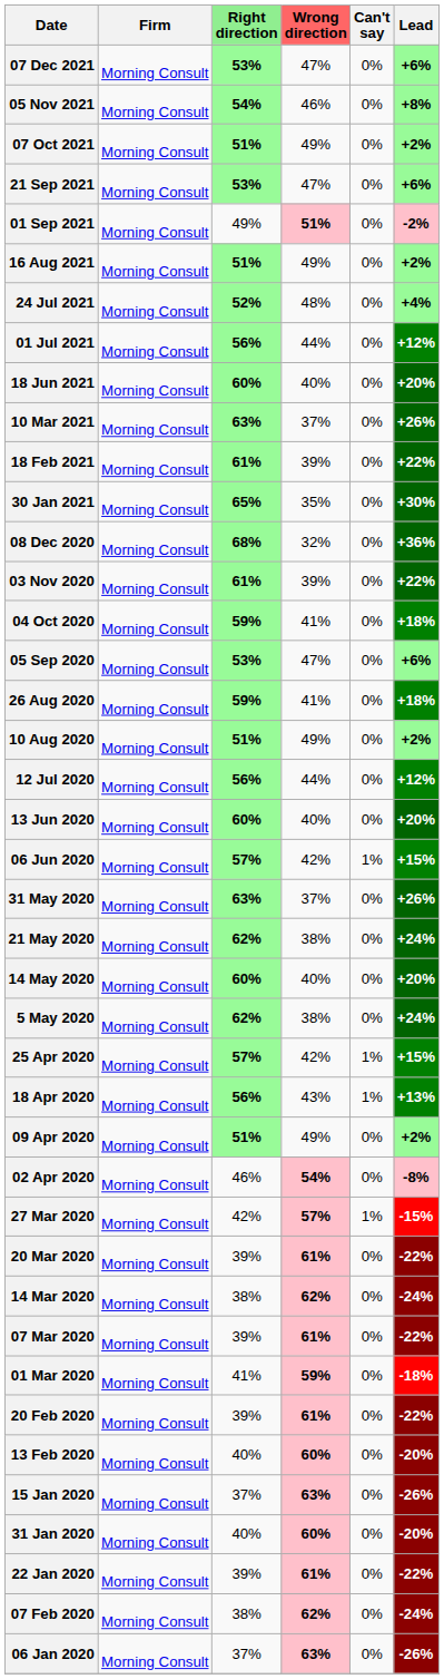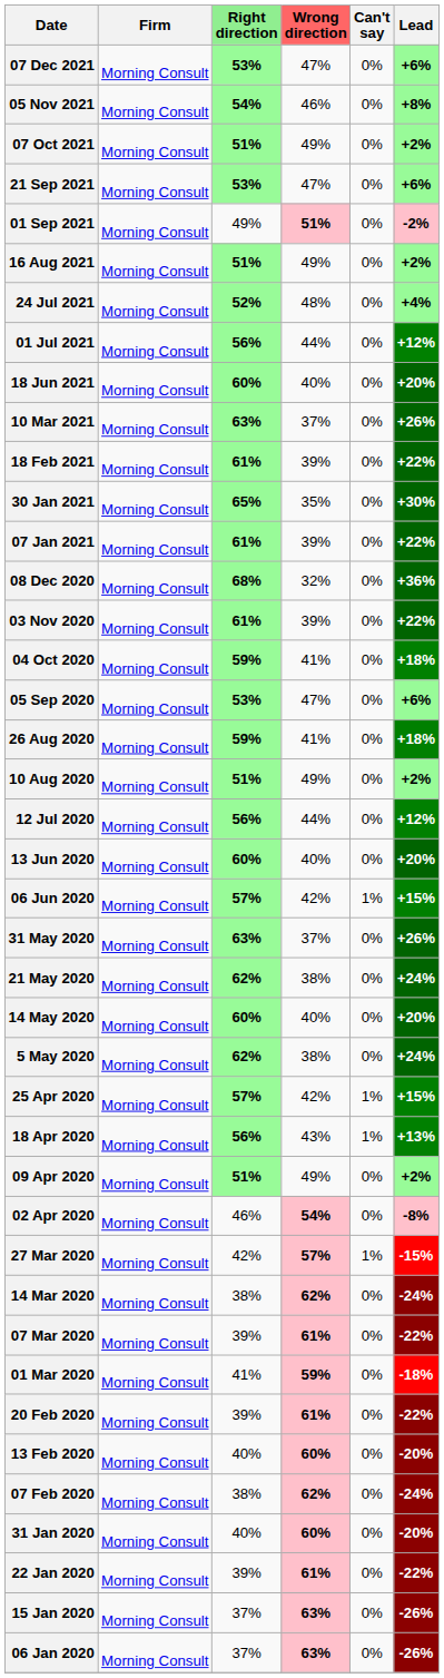 <table class="nowrap wikitable mw-datatable" style=text-align:center;margin-right:.4em;margin-top:.4em;font-size:90%>
 <tr>
 <th>Date</th>
 <th>Firm</th>
 <th style=background:#90ee90>Right<br>direction</th>
 <th style=background:#f66>Wrong<br>direction</th>
 <th>Can't<br>say</th>
 <th>Lead</th>
 </tr>
 <tr>
 <th style=text-align:right data-sort-value=07-Dec-2021>07 Dec 2021</th>
 <td style=text-align:left><br><a href='#'>Morning Consult</a> </td>
 <th style="background:PaleGreen;color:black;">53%</th>
 <td>47%</td>
 <td>0%</td>
 <td style="background:PaleGreen;color:black;"><strong>+6%</strong></td>
 </tr>
 <tr>
 <th style=text-align:right data-sort-value=0s-Nov-2021>05 Nov 2021</th>
 <td style=text-align:left><br><a href='#'>Morning Consult</a> </td>
 <th style="background:PaleGreen;color:black;">54%</th>
 <td>46%</td>
 <td>0%</td>
 <td style="background:PaleGreen;color:black;"><strong>+8%</strong></td>
 </tr>
 <tr>
 <th style=text-align:right data-sort-value=07-Oct-2021>07 Oct 2021</th>
 <td style=text-align:left><br><a href='#'>Morning Consult</a> </td>
 <th style="background:PaleGreen;color:black;">51%</th>
 <td>49%</td>
 <td>0%</td>
 <td style="background:PaleGreen;color:black;"><strong>+2%</strong></td>
 </tr>
 <tr>
 <th style=text-align:right data-sort-value=21-Sep-2021>21 Sep 2021</th>
 <td style=text-align:left><br><a href='#'>Morning Consult</a> </td>
 <th style="background:PaleGreen;color:black;">53%</th>
 <td>47%</td>
 <td>0%</td>
 <td style="background:PaleGreen;color:black;"><strong>+6%</strong></td>
 </tr>
 <tr>
 <th style=text-align:right data-sort-value=01–2021>01 Sep 2021</th>
 <td style=text-align:left><br><a href='#'>Morning Consult</a> </td>
 <td>49%</td>
 <th style="background:pink;color:black;">51%</th>
 <td>0%</td>
 <td style="background:Pink;color:black;"><strong>-2%</strong></td>
 </tr>
 <tr>
 <th style=text-align:right data-sort-value=16-Aug-2021>16 Aug 2021</th>
 <td style=text-align:left><br><a href='#'>Morning Consult</a> </td>
 <th style="background:PaleGreen;color:black;">51%</th>
 <td>49%</td>
 <td>0%</td>
 <td style="background:PaleGreen;color:black;"><strong>+2%</strong></td>
 </tr>
 <tr>
 <th style=text-align:right data-sort-value=24-Jul-2021>24 Jul 2021</th>
 <td style=text-align:left><br><a href='#'>Morning Consult</a> </td>
 <th style="background:PaleGreen;color:black;">52%</th>
 <td>48%</td>
 <td>0%</td>
 <td style="background:PaleGreen;color:black;"><strong>+4%</strong></td>
 </tr>
 <tr>
 <th style=text-align:right data-sort-value=01-Jul-2021>01 Jul 2021</th>
 <td style=text-align:left><br><a href='#'>Morning Consult</a> </td>
 <th style="background:PaleGreen;color:black;">56%</th>
 <td>44%</td>
 <td>0%</td>
 <td style="background:green;color:white;"><strong>+12%</strong></td>
 </tr>
 <tr>
 <th style=text-align:right data-sort-value=18-Jun-2021>18 Jun 2021</th>
 <td style=text-align:left><br><a href='#'>Morning Consult</a> </td>
 <th style="background:PaleGreen;color:black;">60%</th>
 <td>40%</td>
 <td>0%</td>
 <td style="background:DarkGreen;color:white;"><strong>+20%</strong></td>
 </tr>
 <tr>
 <th style=text-align:right data-sort-value=10-Mar-2021>10 Mar 2021</th>
 <td style=text-align:left><br><a href='#'>Morning Consult</a> </td>
 <th style="background:PaleGreen;color:black;">63%</th>
 <td>37%</td>
 <td>0%</td>
 <td style="background:DarkGreen;color:white;"><strong>+26%</strong></td>
 </tr>
 <tr>
 <th style=text-align:right data-sort-value=18-Feb-2021>18 Feb 2021</th>
 <td style=text-align:left><br><a href='#'>Morning Consult</a> </td>
 <th style="background:PaleGreen;color:black;">61%</th>
 <td>39%</td>
 <td>0%</td>
 <td style="background:DarkGreen;color:white;"><strong>+22%</strong></td>
 </tr>
 <tr>
 <th style=text-align:right data-sort-value=30-Jan-2021>30 Jan 2021</th>
 <td style=text-align:left><br><a href='#'>Morning Consult</a> </td>
 <th style="background:PaleGreen;color:black;">65%</th>
 <td>35%</td>
 <td>0%</td>
 <td style="background:DarkGreen;color:white;"><strong>+30%</strong></td>
+</tr>
+<tr>
+<th style=text-align:right data-sort-value=07-Jan-2021>07 Jan 2021</th>
+<td style=text-align:left><br><a href='#'>Morning Consult</a> </td>
+<th style="background:PaleGreen;color:black;">61%</th>
+<td>39%</td>
+<td>0%</td>
+<td style="background:DarkGreen;color:white;"><strong>+22%</strong></td>
 </tr>
 <tr>
 <th style=text-align:right data-sort-value=08-Dec-2020>08 Dec 2020</th>
 <td style=text-align:left><br><a href='#'>Morning Consult</a> </td>
 <th style="background:PaleGreen;color:black;">68%</th>
 <td>32%</td>
 <td>0%</td>
 <td style="background:DarkGreen;color:white;"><strong>+36%</strong></td>
 </tr>
 <tr>
 <th style=text-align:right data-sort-value=03-Nov-2020>03 Nov 2020</th>
 <td style=text-align:left><br><a href='#'>Morning Consult</a> </td>
 <th style="background:PaleGreen;color:black;">61%</th>
 <td>39%</td>
 <td>0%</td>
 <td style="background:DarkGreen;color:white;"><strong>+22%</strong></td>
 </tr>
 <tr>
 <th style=text-align:right data-sort-value=04-Oct-2020>04 Oct 2020</th>
 <td style=text-align:left><br><a href='#'>Morning Consult</a> </td>
 <th style="background:PaleGreen;color:black;">59%</th>
 <td>41%</td>
 <td>0%</td>
 <td style="background:green;color:white;"><strong>+18%</strong></td>
 </tr>
 <tr>
 <th style=text-align:right data-sort-value=05-Sep-2020>05 Sep 2020</th>
 <td style=text-align:left><br><a href='#'>Morning Consult</a> </td>
 <th style="background:PaleGreen;color:black;">53%</th>
 <td>47%</td>
 <td>0%</td>
 <td style="background:PaleGreen;color:black;"><strong>+6%</strong></td>
 </tr>
 <tr>
 <th style=text-align:right data-sort-value=26-Aug-2020>26 Aug 2020</th>
 <td style=text-align:left><br><a href='#'>Morning Consult</a> </td>
 <th style="background:PaleGreen;color:black;">59%</th>
 <td>41%</td>
 <td>0%</td>
 <td style="background:green;color:white;"><strong>+18%</strong></td>
 </tr>
 <tr>
 <th style=text-align:right data-sort-value=10-Aug-2020>10 Aug 2020</th>
 <td style=text-align:left><br><a href='#'>Morning Consult</a> </td>
 <th style="background:PaleGreen;color:black;">51%</th>
 <td>49%</td>
 <td>0%</td>
 <td style="background:PaleGreen;color:black;"><strong>+2%</strong></td>
 </tr>
 <tr>
 <th style=text-align:right data-sort-value=12-Jul-2020>12 Jul 2020</th>
 <td style=text-align:left><br><a href='#'>Morning Consult</a> </td>
 <th style="background:PaleGreen;color:black;">56%</th>
 <td>44%</td>
 <td>0%</td>
 <td style="background:green;color:white;"><strong>+12%</strong></td>
 </tr>
 <tr>
 <th style=text-align:right data-sort-value=13-Jun-2020>13 Jun 2020</th>
 <td style=text-align:left><br><a href='#'>Morning Consult</a> </td>
 <th style="background:PaleGreen;color:black;">60%</th>
 <td>40%</td>
 <td>0%</td>
 <td style="background:DarkGreen;color:white;"><strong>+20%</strong></td>
 </tr>
 <tr>
 <th style=text-align:right data-sort-value=06-Jun-2020>06 Jun 2020</th>
 <td style=text-align:left><br><a href='#'>Morning Consult</a> </td>
 <th style="background:PaleGreen;color:black;">57%</th>
 <td>42%</td>
 <td>1%</td>
 <td style="background:green;color:white;"><strong>+15%</strong></td>
 </tr>
 <tr>
 <th style=text-align:right data-sort-value=31-May-2020>31 May 2020</th>
 <td style=text-align:left><br><a href='#'>Morning Consult</a> </td>
 <th style="background:PaleGreen;color:black;">63%</th>
 <td>37%</td>
 <td>0%</td>
 <td style="background:DarkGreen;color:white;"><strong>+26%</strong></td>
 </tr>
 <tr>
 <th style=text-align:right data-sort-value=21-May-2020>21 May 2020</th>
 <td style=text-align:left><br><a href='#'>Morning Consult</a> </td>
 <th style="background:PaleGreen;color:black;">62%</th>
 <td>38%</td>
 <td>0%</td>
 <td style="background:DarkGreen;color:white;"><strong>+24%</strong></td>
 </tr>
 <tr>
 <th style=text-align:right data-sort-value=14-May-2020>14 May 2020</th>
 <td style=text-align:left><br><a href='#'>Morning Consult</a> </td>
 <th style="background:PaleGreen;color:black;">60%</th>
 <td>40%</td>
 <td>0%</td>
 <td style="background:DarkGreen;color:white;"><strong>+20%</strong></td>
 </tr>
 <tr>
 <th style=text-align:right data-sort-value=05-May-2020>5 May 2020</th>
 <td style=text-align:left><br><a href='#'>Morning Consult</a> </td>
 <th style="background:PaleGreen;color:black;">62%</th>
 <td>38%</td>
 <td>0%</td>
 <td style="background:DarkGreen;color:white;"><strong>+24%</strong></td>
 </tr>
 <tr>
 <th style=text-align:right data-sort-value=25-Apr-2020>25 Apr 2020</th>
 <td style=text-align:left><br><a href='#'>Morning Consult</a> </td>
 <th style="background:PaleGreen;color:black;">57%</th>
 <td>42%</td>
 <td>1%</td>
 <td style="background:green;color:white;"><strong>+15%</strong></td>
 </tr>
 <tr>
 <th style=text-align:right data-sort-value=18-Apr-2020>18 Apr 2020</th>
 <td style=text-align:left><br><a href='#'>Morning Consult</a> </td>
 <th style="background:PaleGreen;color:black;">56%</th>
 <td>43%</td>
 <td>1%</td>
 <td style="background:green;color:white;"><strong>+13%</strong></td>
 </tr>
 <tr>
 <th style=text-align:right data-sort-value=09-Apr-2020>09 Apr 2020</th>
 <td style=text-align:left><br><a href='#'>Morning Consult</a> </td>
 <th style="background:PaleGreen;color:black;">51%</th>
 <td>49%</td>
 <td>0%</td>
 <td style="background:PaleGreen;color:black;"><strong>+2%</strong></td>
 </tr>
 <tr>
 <th style=text-align:right data-sort-value=02-Apr-2020>02 Apr 2020</th>
 <td style=text-align:left><br><a href='#'>Morning Consult</a> </td>
 <td>46%</td>
 <th style="background:pink;color:black;">54%</th>
 <td>0%</td>
 <td style="background:pink;color:black;"><strong>-8%</strong></td>
 </tr>
 <tr>
 <th style=text-align:right data-sort-value=27-Mar-2020>27 Mar 2020</th>
 <td style=text-align:left><br><a href='#'>Morning Consult</a> </td>
 <td>42%</td>
 <th style="background:pink;color:black;">57%</th>
 <td>1%</td>
 <td style="background:red;color:white;"><strong>-15%</strong></td>
 </tr>
 <tr>
-<th style=text-align:right data-sort-value=20-Mar-2020>20 Mar 2020</th>
-<td style=text-align:left><br><a href='#'>Morning Consult</a> </td>
-<td>39%</td>
-<th style="background:pink;color:black;">61%</th>
-<td>0%</td>
-<td style="background:DarkRed;color:white;"><strong>-22%</strong></td>
-</tr>
-<tr>
 <th style=text-align:right data-sort-value=14-Mar-2020>14 Mar 2020</th>
 <td style=text-align:left><br><a href='#'>Morning Consult</a> </td>
 <td>38%</td>
 <th style="background:pink;color:black;">62%</th>
 <td>0%</td>
 <td style="background:DarkRed;color:white;"><strong>-24%</strong></td>
 </tr>
 <tr>
 <th style=text-align:right data-sort-value=07-Mar-2020>07 Mar 2020</th>
 <td style=text-align:left><br><a href='#'>Morning Consult</a> </td>
 <td>39%</td>
 <th style="background:pink;color:black;">61%</th>
 <td>0%</td>
 <td style="background:DarkRed;color:white;"><strong>-22%</strong></td>
 </tr>
 <tr>
 <th style=text-align:right data-sort-value=01-Mar-2020>01 Mar 2020</th>
 <td style=text-align:left><br><a href='#'>Morning Consult</a> </td>
 <td>41%</td>
 <th style="background:pink;color:black;">59%</th>
 <td>0%</td>
 <td style="background:red;color:white;"><strong>-18%</strong></td>
 </tr>
 <tr>
 <th style=text-align:right data-sort-value=20-Feb-2020>20 Feb 2020</th>
 <td style=text-align:left><br><a href='#'>Morning Consult</a> </td>
 <td>39%</td>
 <th style="background:pink;color:black;">61%</th>
 <td>0%</td>
 <td style="background:DarkRed;color:white;"><strong>-22%</strong></td>
 </tr>
 <tr>
 <th style=text-align:right data-sort-value=13-Feb-2020>13 Feb 2020</th>
 <td style=text-align:left><br><a href='#'>Morning Consult</a> </td>
 <td>40%</td>
 <th style="background:pink;color:black;">60%</th>
 <td>0%</td>
 <td style="background:DarkRed;color:white;"><strong>-20%</strong></td>
 </tr>
 <tr>
-<th style=text-align:right data-sort-value=15-Jan-2020>15 Jan 2020</th>
+<th style=text-align:right data-sort-value=07-Feb-2020>07 Feb 2020</th>
 <td style=text-align:left><br><a href='#'>Morning Consult</a> </td>
-<td>37%</td>
-<th style="background:pink;color:black;">63%</th>
+<td>38%</td>
+<th style="background:pink;color:black;">62%</th>
 <td>0%</td>
-<td style="background:DarkRed;color:white;"><strong>-26%</strong></td>
+<td style="background:DarkRed;color:white;"><strong>-24%</strong></td>
 </tr>
 <tr>
 <th style=text-align:right data-sort-value=31-Jan-2020>31 Jan 2020</th>
 <td style=text-align:left><br><a href='#'>Morning Consult</a> </td>
 <td>40%</td>
 <th style="background:pink;color:black;">60%</th>
 <td>0%</td>
 <td style="background:DarkRed;color:white;"><strong>-20%</strong></td>
 </tr>
 <tr>
 <th style=text-align:right data-sort-value=22-Jan-2020>22 Jan 2020</th>
 <td style=text-align:left><br><a href='#'>Morning Consult</a> </td>
 <td>39%</td>
 <th style="background:pink;color:black;">61%</th>
 <td>0%</td>
 <td style="background:DarkRed;color:white;"><strong>-22%</strong></td>
 </tr>
 <tr>
-<th style=text-align:right data-sort-value=07-Feb-2020>07 Feb 2020</th>
+<th style=text-align:right data-sort-value=15-Jan-2020>15 Jan 2020</th>
 <td style=text-align:left><br><a href='#'>Morning Consult</a> </td>
-<td>38%</td>
-<th style="background:pink;color:black;">62%</th>
+<td>37%</td>
+<th style="background:pink;color:black;">63%</th>
 <td>0%</td>
-<td style="background:DarkRed;color:white;"><strong>-24%</strong></td>
+<td style="background:DarkRed;color:white;"><strong>-26%</strong></td>
 </tr>
 <tr>
 <th style=text-align:right data-sort-value=06-Jan-2020>06 Jan 2020</th>
 <td style=text-align:left><br><a href='#'>Morning Consult</a> </td>
 <td>37%</td>
 <th style="background:pink;color:black;">63%</th>
 <td>0%</td>
 <td style="background:DarkRed;color:white;"><strong>-26%</strong></td>
 </tr>
 <tr>
 </tr>
 </table>
